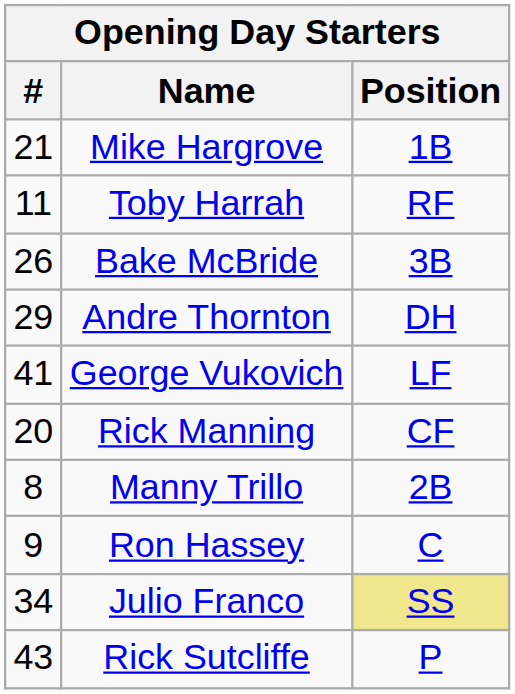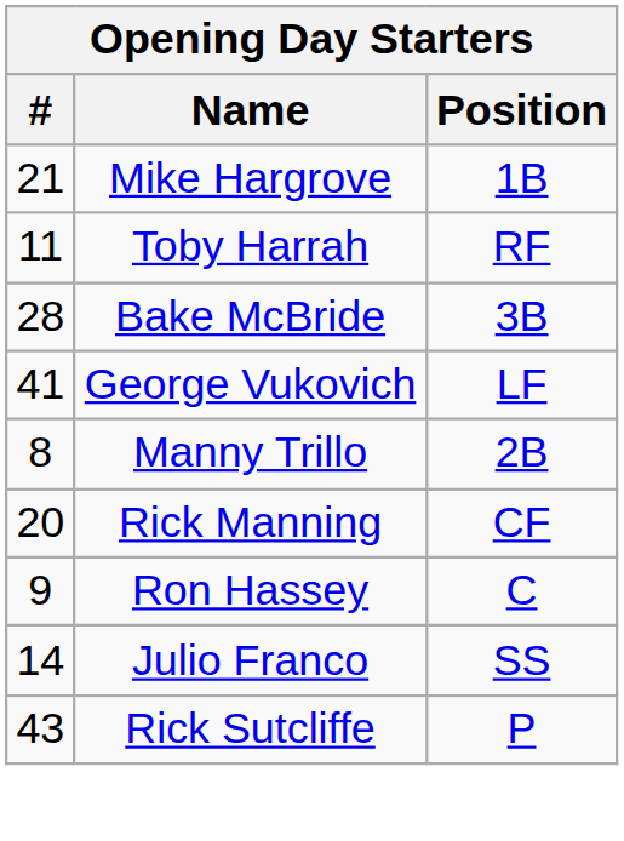 <table class="wikitable" style="text-align:center">
 <tr>
 <th colspan="3">Opening Day Starters</th>
 </tr>
 <tr>
 <th>#</th>
 <th>Name</th>
 <th>Position</th>
 </tr>
 <tr>
 <td>21</td>
 <td><a href='#'>Mike Hargrove</a></td>
 <td><a href='#'>1B</a></td>
 </tr>
 <tr>
 <td>11</td>
 <td><a href='#'>Toby Harrah</a></td>
 <td><a href='#'>RF</a></td>
 </tr>
 <tr>
-<td>26</td>
+<td>28</td>
 <td><a href='#'>Bake McBride</a></td>
 <td><a href='#'>3B</a></td>
-</tr>
-<tr>
-<td>29</td>
-<td><a href='#'>Andre Thornton</a></td>
-<td><a href='#'>DH</a></td>
 </tr>
 <tr>
 <td>41</td>
 <td><a href='#'>George Vukovich</a></td>
 <td><a href='#'>LF</a></td>
 </tr>
 <tr>
+<td>8</td>
+<td><a href='#'>Manny Trillo</a></td>
+<td><a href='#'>2B</a></td>
+</tr>
+<tr>
 <td>20</td>
 <td><a href='#'>Rick Manning</a></td>
 <td><a href='#'>CF</a></td>
-</tr>
-<tr>
-<td>8</td>
-<td><a href='#'>Manny Trillo</a></td>
-<td><a href='#'>2B</a></td>
 </tr>
 <tr>
 <td>9</td>
 <td><a href='#'>Ron Hassey</a></td>
 <td><a href='#'>C</a></td>
 </tr>
 <tr>
-<td>34</td>
+<td>14</td>
 <td><a href='#'>Julio Franco</a></td>
-<td style="background: khaki;"><a href='#'>SS</a></td>
+<td><a href='#'>SS</a></td>
 </tr>
 <tr>
 <td>43</td>
 <td><a href='#'>Rick Sutcliffe</a></td>
 <td><a href='#'>P</a></td>
 </tr>
 </table>
